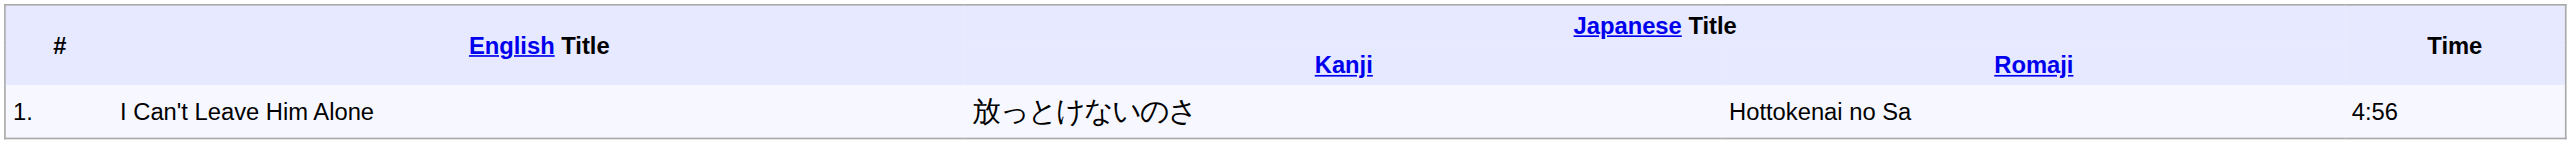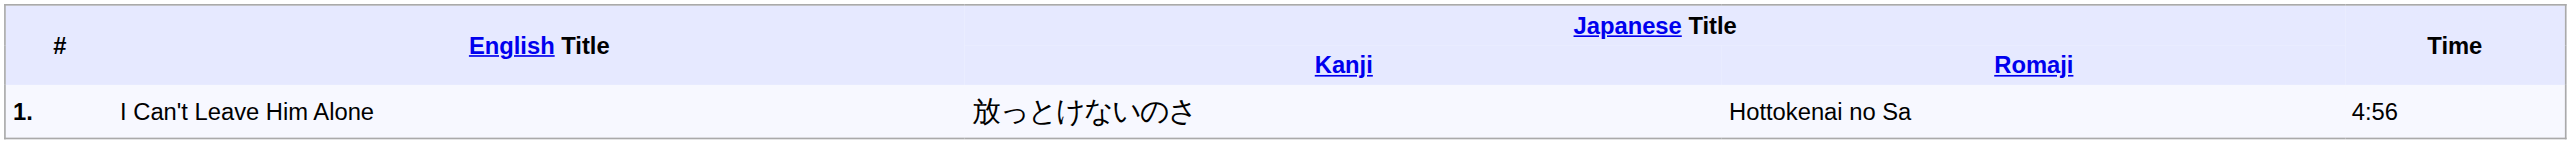 <table border="0" cellpadding="4" cellspacing="0"  style="border:1px #aaa solid; border-collapse:collapse; padding:0.2em; margin:0 1em 1em; background:#f7f8ff; font-size:0.9em; width:98%;">
 <tr style="vertical-align:middle; background:#e6e9ff;">
 <th rowspan="2">#</th>
 <th rowspan="2"><a href='#'>English</a> Title</th>
 <th colspan="2"><a href='#'>Japanese</a> Title</th>
 <th rowspan="2">Time</th>
 </tr>
 <tr style="background:#e6e9ff;">
 <th><a href='#'>Kanji</a></th>
 <th><a href='#'>Romaji</a></th>
 </tr>
 <tr>
-<td>1.</td>
+<td><strong>1.</strong></td>
 <td>I Can't Leave Him Alone</td>
 <td style="font-size: 120%;">放っとけないのさ</td>
 <td>Hottokenai no Sa</td>
 <td>4:56</td>
 </tr>
 </table>
